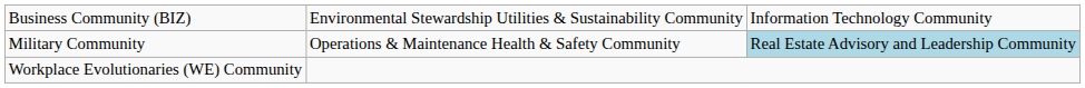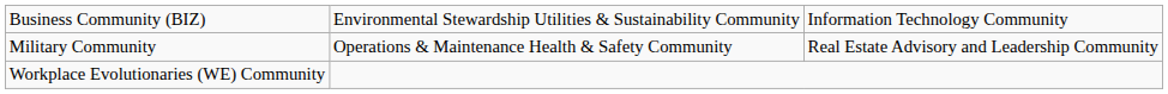 <table class="wikitable">
 <tr>
 <td>Business Community (BIZ)</td>
 <td>Environmental Stewardship Utilities & Sustainability Community</td>
 <td>Information Technology Community</td>
 </tr>
 <tr>
 <td>Military Community</td>
 <td>Operations & Maintenance Health & Safety Community</td>
-<td style="background: lightblue;">Real Estate Advisory and Leadership Community</td>
+<td>Real Estate Advisory and Leadership Community</td>
 </tr>
 <tr>
 <td>Workplace Evolutionaries (WE) Community</td>
 </tr>
 </table>
